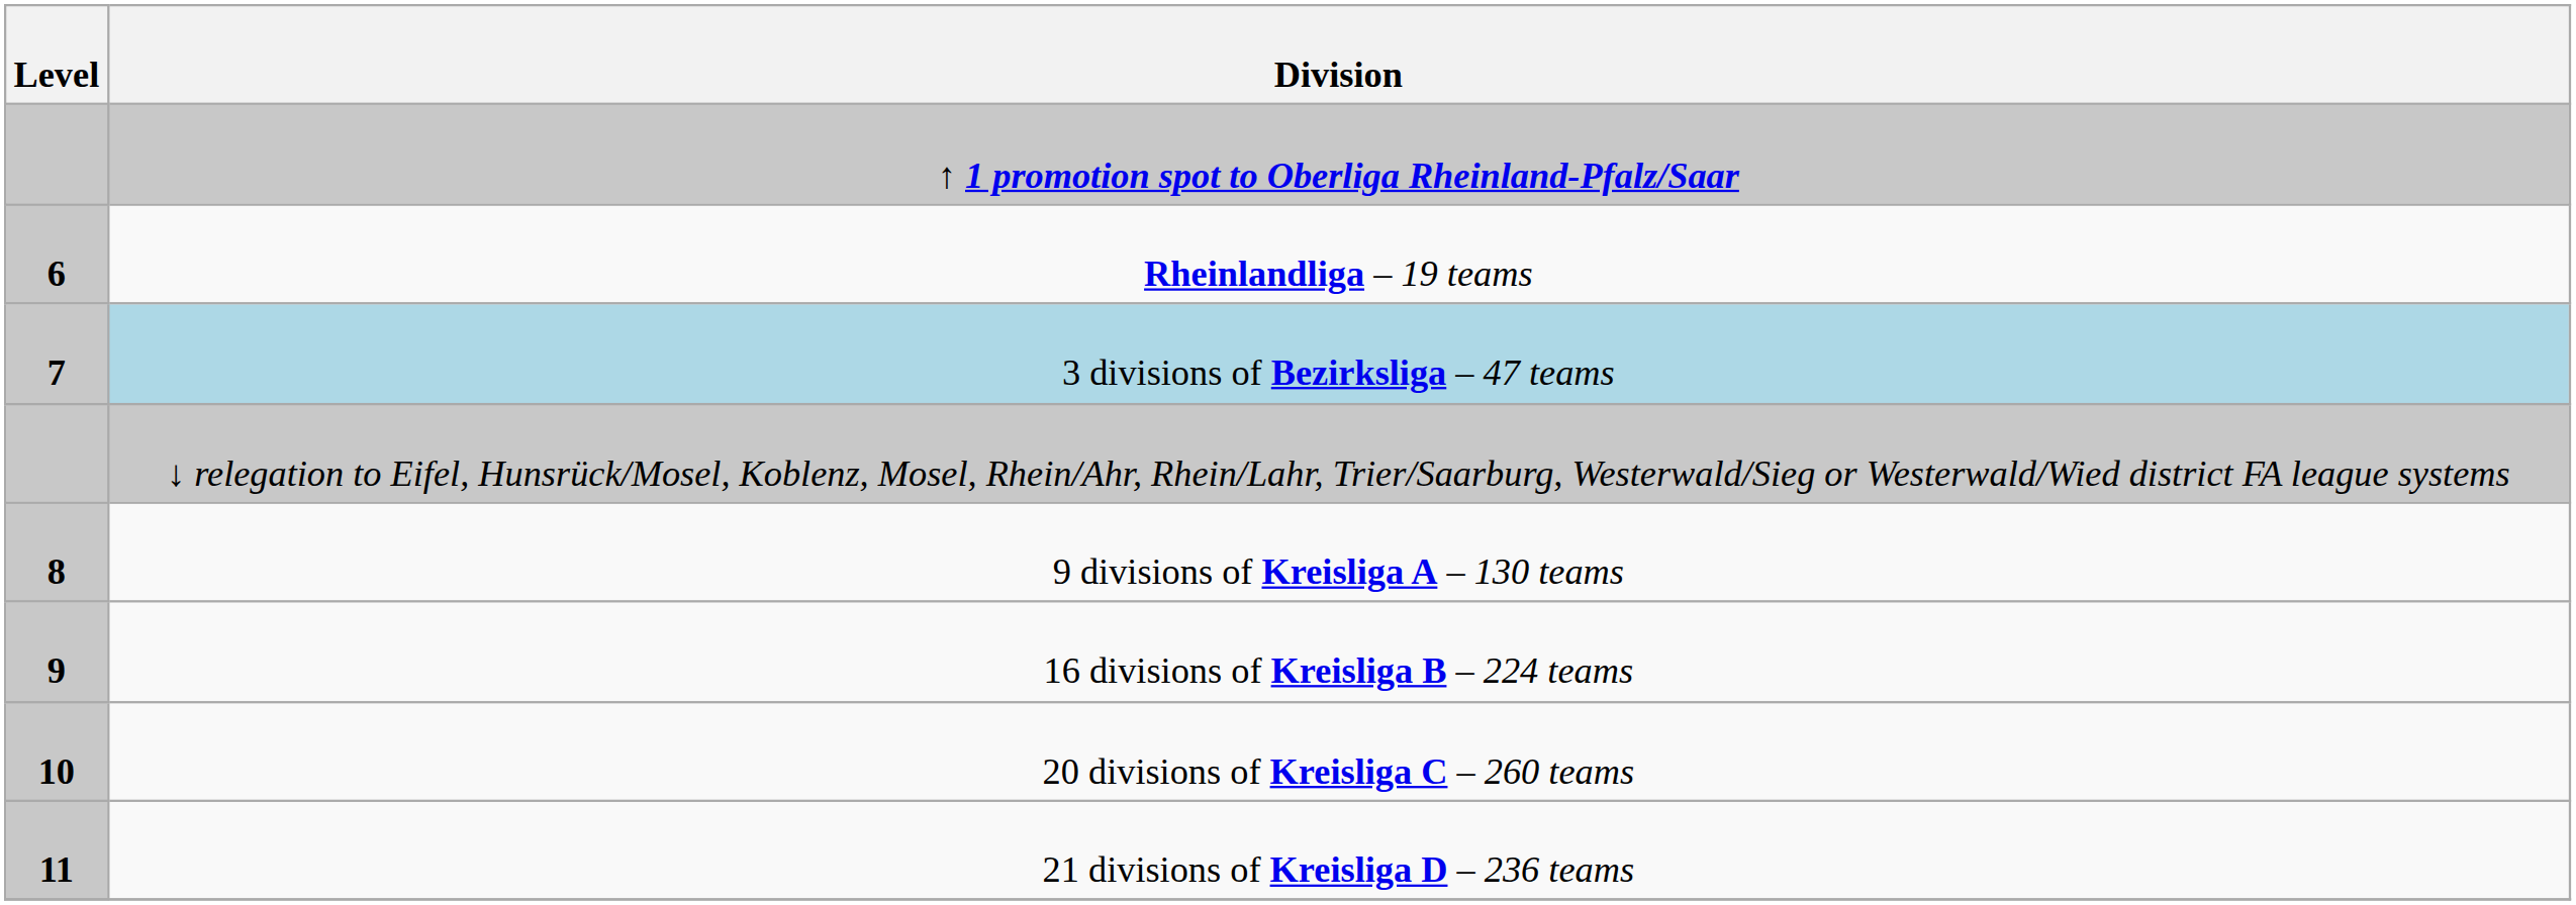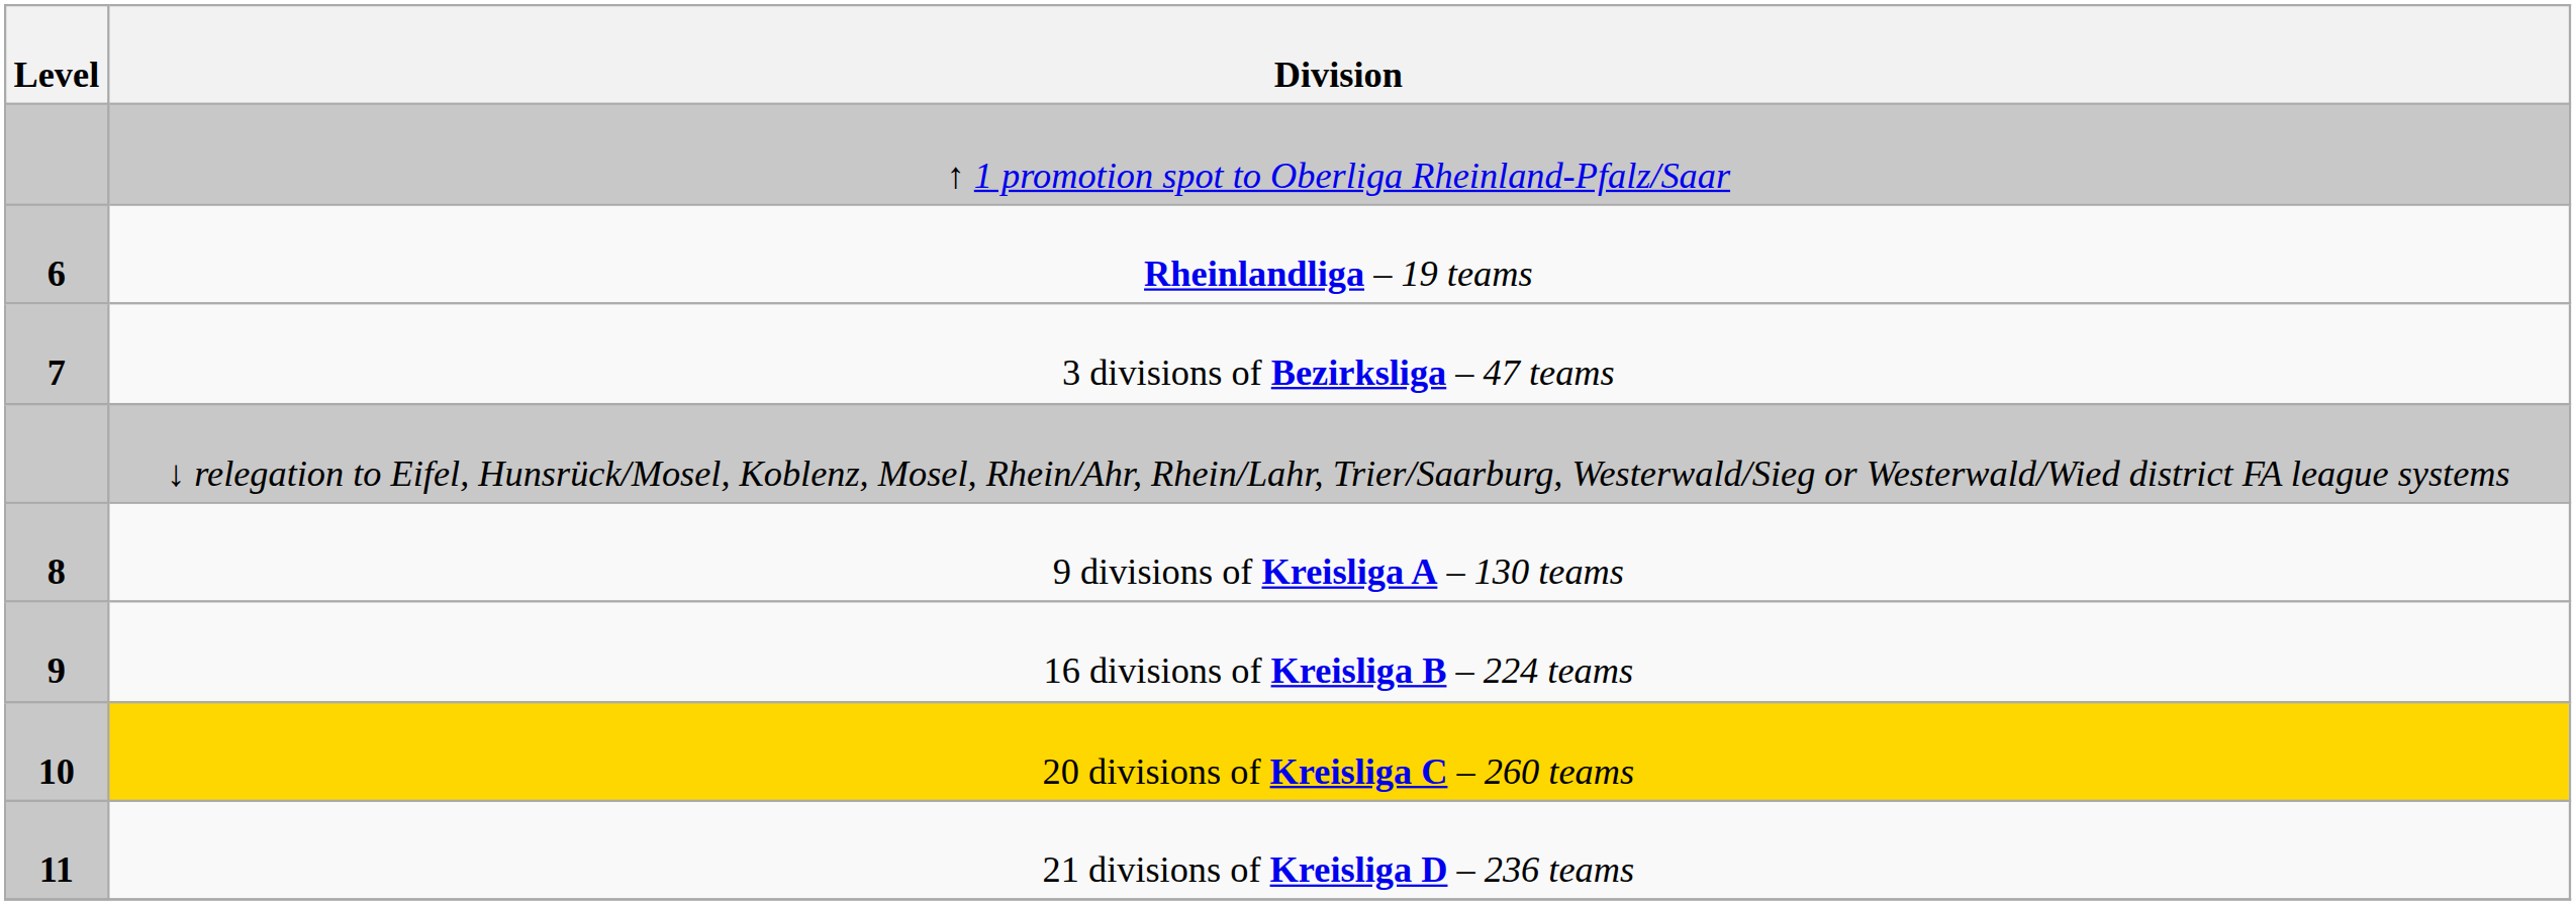 <table class="wikitable" style="text-align:center">
 <tr>
 <th colspan="1" width="4%"><br>Level</th>
 <th colspan="1"><br>Division</th>
 </tr>
 <tr style="background:#c8c8c8">
 <td colspan="1"></td>
-<td colspan="1"><strong><br><em>↑ <a href='#'>1 promotion spot to Oberliga Rheinland-Pfalz/Saar</a></em></strong></td>
+<td colspan="1"><br><em>↑ <a href='#'>1 promotion spot to Oberliga Rheinland-Pfalz/Saar</a></em></td>
 </tr>
 <tr>
 <td colspan="1" style="background:#c8c8c8"><br><strong>6</strong></td>
 <td colspan="3"><br><strong><a href='#'>Rheinlandliga</a></strong> – <em>19 teams</em></td>
 </tr>
 <tr>
 <td colspan="1" style="background:#c8c8c8"><br><strong>7</strong></td>
-<td colspan="1" style="background: lightblue;"><br>3 divisions of <strong><a href='#'>Bezirksliga</a></strong> – <em>47 teams</em></td>
+<td colspan="1"><br>3 divisions of <strong><a href='#'>Bezirksliga</a></strong> – <em>47 teams</em></td>
 </tr>
 <tr style="background:#c8c8c8">
 <td colspan="1"></td>
 <td colspan="1"><br><em>↓ relegation to Eifel, Hunsrück/Mosel, Koblenz, Mosel, Rhein/Ahr, Rhein/Lahr, Trier/Saarburg, Westerwald/Sieg or Westerwald/Wied district FA league systems</em></td>
 </tr>
 <tr>
 <td colspan="1" style="background:#c8c8c8"><br><strong>8</strong></td>
 <td colspan="1"><br>9 divisions of <strong><a href='#'>Kreisliga A</a></strong> – <em>130 teams</em></td>
 </tr>
 <tr>
 <td colspan="1" style="background:#c8c8c8"><br><strong>9</strong></td>
 <td colspan="1"><br>16 divisions of <strong><a href='#'>Kreisliga B</a></strong> – <em>224 teams</em></td>
 </tr>
 <tr>
 <td colspan="1" style="background:#c8c8c8"><br><strong>10</strong></td>
-<td colspan="1"><br>20 divisions of <strong><a href='#'>Kreisliga C</a></strong> – <em>260 teams</em></td>
+<td colspan="1" style="background: gold;"><br>20 divisions of <strong><a href='#'>Kreisliga C</a></strong> – <em>260 teams</em></td>
 </tr>
 <tr>
 <td colspan="1" style="background:#c8c8c8"><br><strong>11</strong></td>
 <td colspan="1"><br>21 divisions of <strong><a href='#'>Kreisliga D</a></strong> – <em>236 teams</em></td>
 </tr>
 <tr>
 </tr>
 </table>
